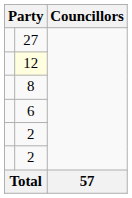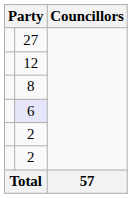 <table class="wikitable">
 <tr>
 <th colspan=2>Party</th>
 <th>Councillors</th>
 </tr>
 <tr>
 <td></td>
 <td align=center>27</td>
 </tr>
 <tr>
 <td></td>
-<td align=center style="background: lightyellow;">12</td>
+<td align=center>12</td>
 </tr>
 <tr>
 <td></td>
 <td align=center>8</td>
 </tr>
 <tr>
 <td></td>
-<td align=center>6</td>
+<td align=center style="background: lavender;">6</td>
 </tr>
 <tr>
 <td></td>
 <td align=center>2</td>
 </tr>
 <tr>
 <td></td>
 <td align=center>2</td>
 </tr>
 <tr>
 <th colspan=2>Total</th>
 <th align=center>57</th>
 </tr>
 </table>
